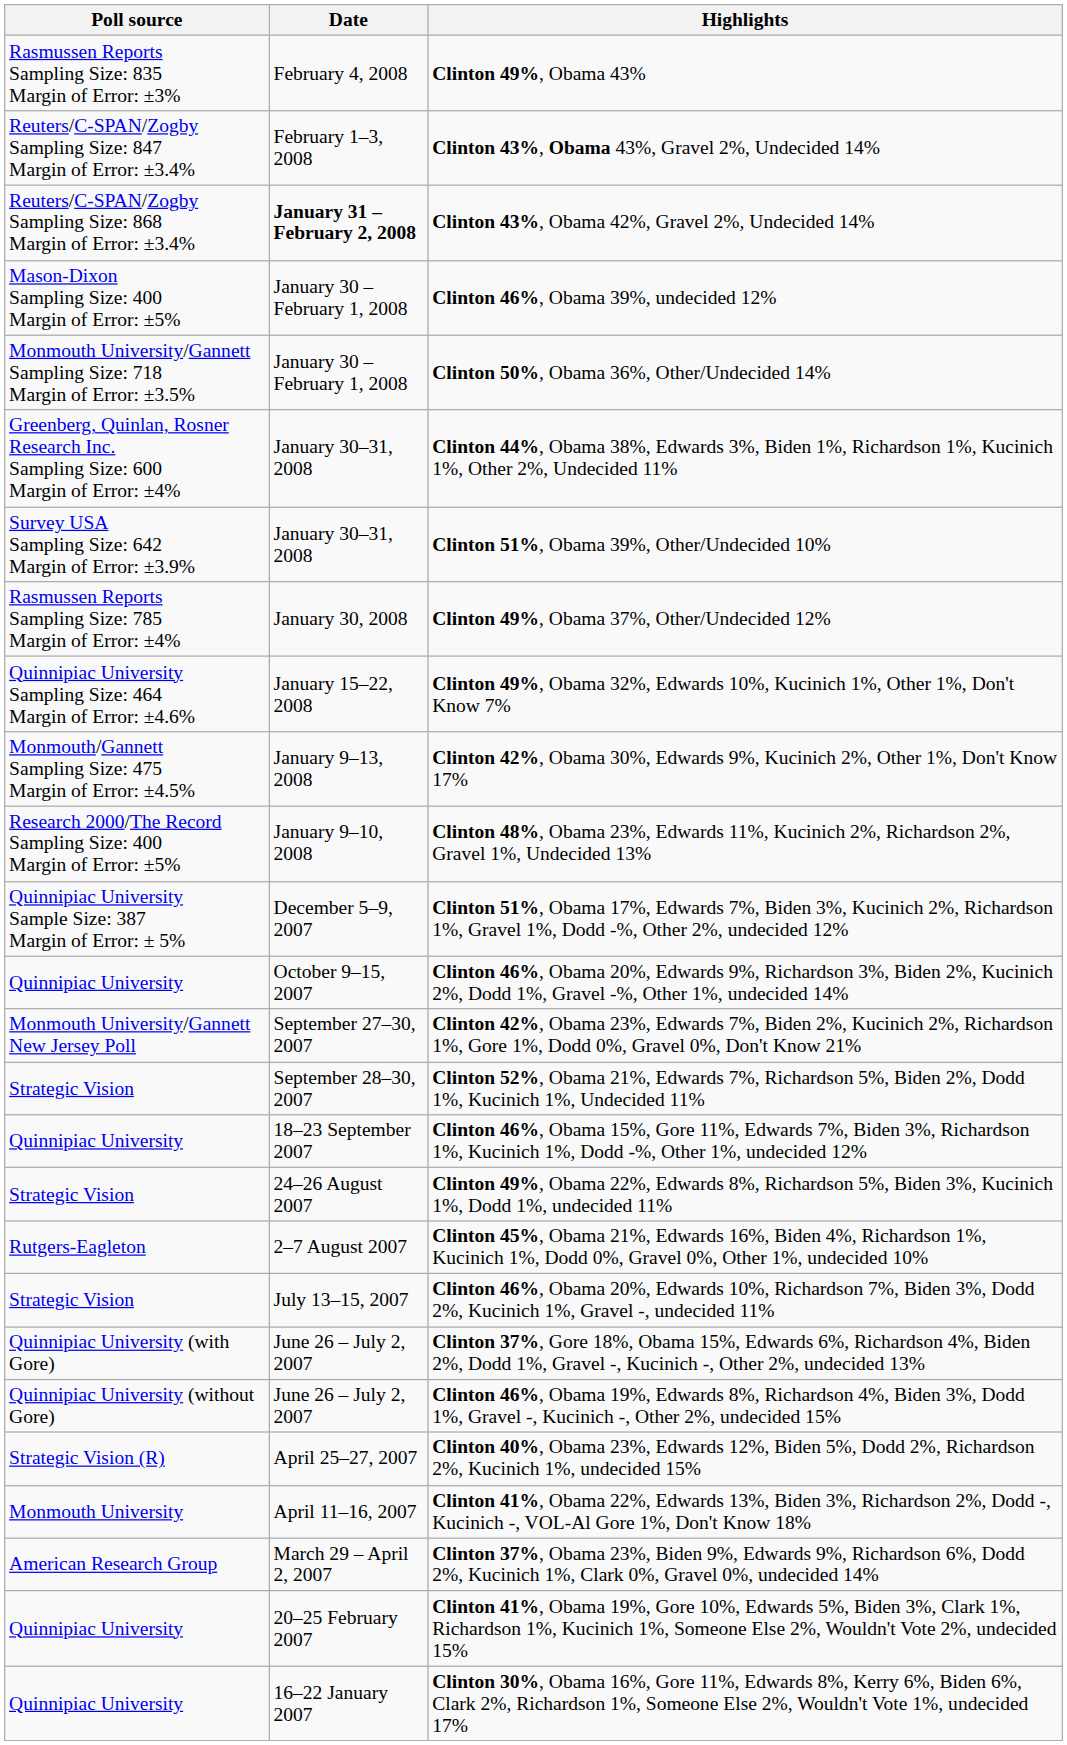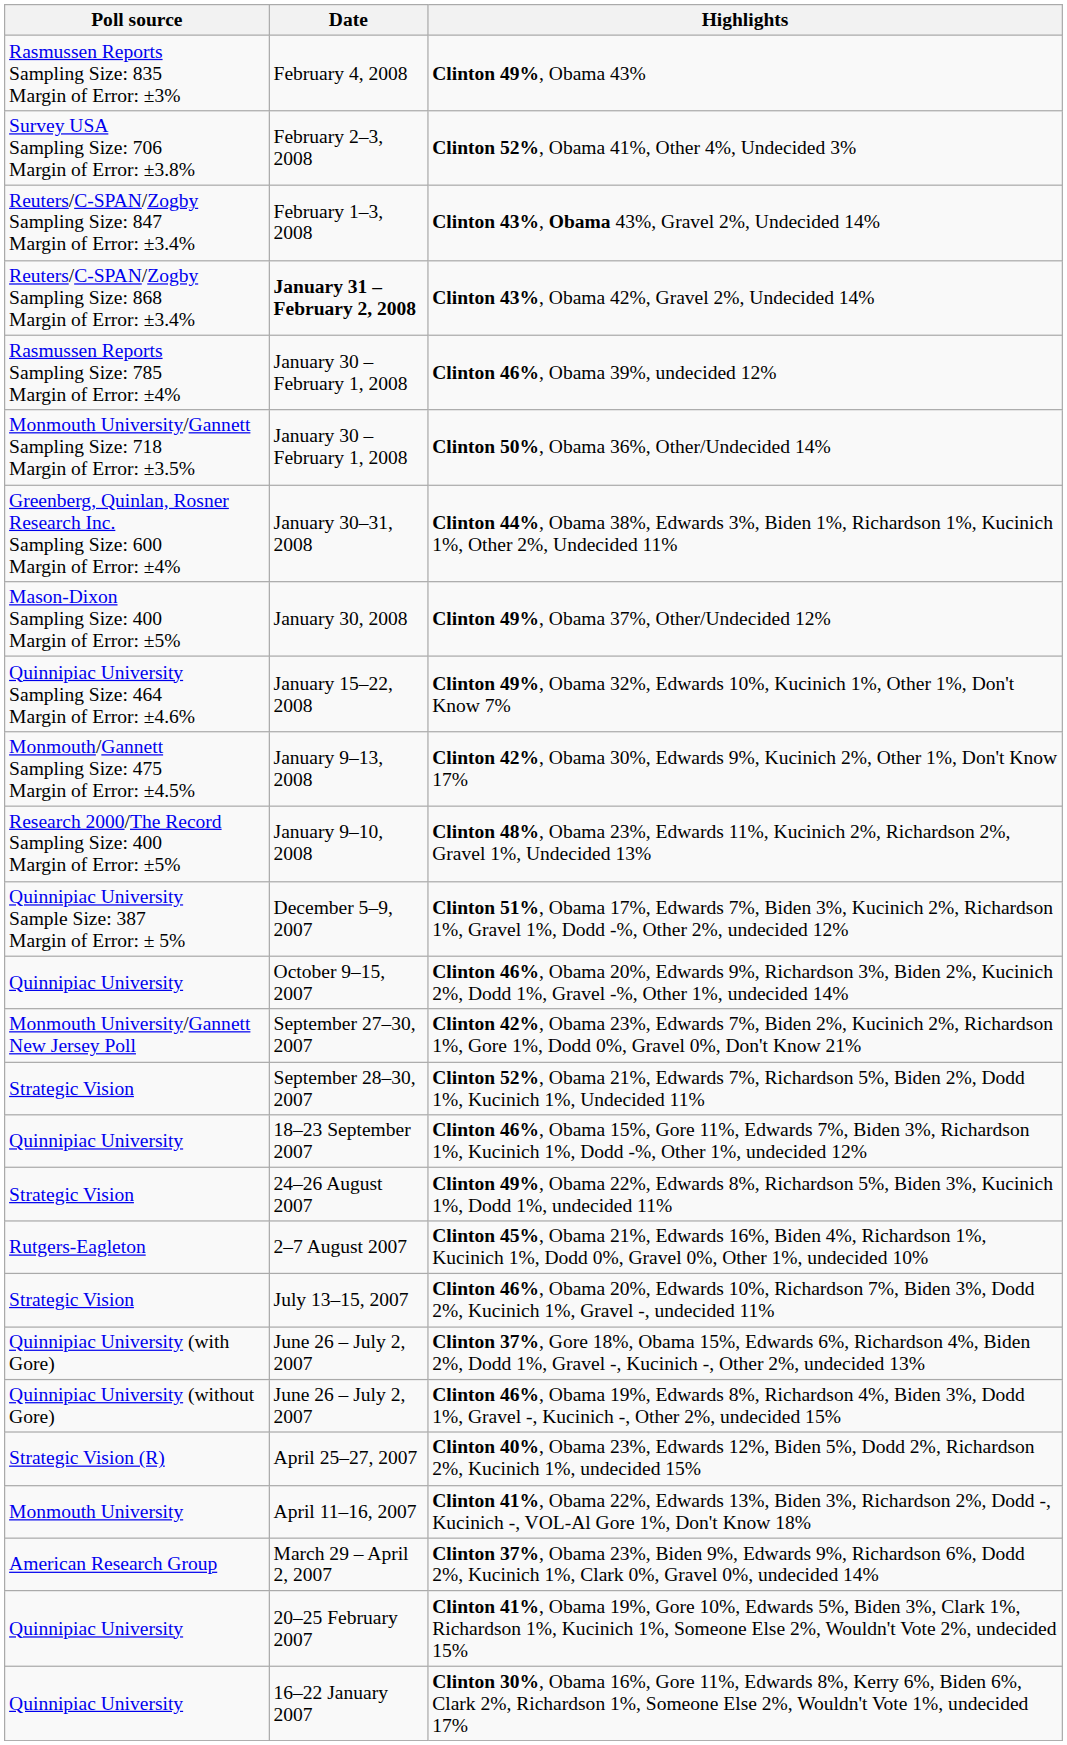 <table class="wikitable sortable">
 <tr>
 <th width="25%">Poll source</th>
 <th width="15%">Date</th>
 <th width="60%">Highlights</th>
 </tr>
 <tr>
 <td><a href='#'>Rasmussen Reports</a><br>Sampling Size: 835<br> Margin of Error: ±3%</td>
 <td>February 4, 2008</td>
 <td><strong>Clinton 49%</strong>, Obama 43%</td>
 </tr>
 <tr>
+<td><a href='#'>Survey USA</a><br>Sampling Size: 706<br> Margin of Error: ±3.8%</td>
+<td>February 2–3, 2008</td>
+<td><strong>Clinton 52%</strong>, Obama 41%, Other 4%, Undecided 3%</td>
+</tr>
+<tr>
 <td><a href='#'>Reuters</a>/<a href='#'>C-SPAN</a>/<a href='#'>Zogby</a><br>Sampling Size: 847<br> Margin of Error: ±3.4%</td>
 <td>February 1–3, 2008</td>
 <td><strong>Clinton 43%</strong>, <strong>Obama</strong> 43%, Gravel 2%, Undecided 14%</td>
 </tr>
 <tr>
 <td><a href='#'>Reuters</a>/<a href='#'>C-SPAN</a>/<a href='#'>Zogby</a><br>Sampling Size: 868<br> Margin of Error: ±3.4%</td>
 <td><strong>January 31 – February 2, 2008</strong></td>
 <td><strong>Clinton 43%</strong>, Obama 42%, Gravel 2%, Undecided 14%</td>
 </tr>
 <tr>
-<td><a href='#'>Mason-Dixon</a><br>Sampling Size: 400<br> Margin of Error: ±5%</td>
+<td><a href='#'>Rasmussen Reports</a><br>Sampling Size: 785<br> Margin of Error: ±4%</td>
 <td>January 30 – February 1, 2008</td>
 <td><strong>Clinton 46%</strong>, Obama 39%, undecided 12%</td>
 </tr>
 <tr>
 <td><a href='#'>Monmouth University</a>/<a href='#'>Gannett</a><br>Sampling Size: 718<br> Margin of Error: ±3.5%</td>
 <td>January 30 – February 1, 2008</td>
 <td><strong>Clinton 50%</strong>, Obama 36%, Other/Undecided 14%</td>
 </tr>
 <tr>
 <td><a href='#'>Greenberg, Quinlan, Rosner Research Inc.</a><br>Sampling Size: 600<br> Margin of Error: ±4%</td>
 <td>January 30–31, 2008</td>
 <td><strong>Clinton 44%</strong>, Obama 38%, Edwards 3%, Biden 1%, Richardson 1%, Kucinich 1%, Other 2%, Undecided 11%</td>
 </tr>
 <tr>
-<td><a href='#'>Survey USA</a><br>Sampling Size: 642<br> Margin of Error: ±3.9%</td>
-<td>January 30–31, 2008</td>
-<td><strong>Clinton 51%</strong>, Obama 39%, Other/Undecided 10%</td>
-</tr>
-<tr>
-<td><a href='#'>Rasmussen Reports</a><br>Sampling Size: 785<br> Margin of Error: ±4%</td>
+<td><a href='#'>Mason-Dixon</a><br>Sampling Size: 400<br> Margin of Error: ±5%</td>
 <td>January 30, 2008</td>
 <td><strong>Clinton 49%</strong>, Obama 37%, Other/Undecided 12%</td>
 </tr>
 <tr>
 <td><a href='#'>Quinnipiac University</a><br>Sampling Size: 464<br> Margin of Error: ±4.6%</td>
 <td>January 15–22, 2008</td>
 <td><strong>Clinton 49%</strong>, Obama 32%, Edwards 10%, Kucinich 1%, Other 1%, Don't Know 7%</td>
 </tr>
 <tr>
 <td><a href='#'>Monmouth</a>/<a href='#'>Gannett</a><br>Sampling Size: 475<br> Margin of Error: ±4.5%</td>
 <td>January 9–13, 2008</td>
 <td><strong>Clinton 42%</strong>, Obama 30%, Edwards 9%, Kucinich 2%, Other 1%, Don't Know 17%</td>
 </tr>
 <tr>
 <td><a href='#'>Research 2000</a>/<a href='#'>The Record</a><br>Sampling Size: 400<br> Margin of Error: ±5%</td>
 <td>January 9–10, 2008</td>
 <td><strong>Clinton 48%</strong>, Obama 23%, Edwards 11%, Kucinich 2%, Richardson 2%, Gravel 1%, Undecided 13%</td>
 </tr>
 <tr>
 <td><a href='#'>Quinnipiac University</a><br>Sample Size: 387<br> Margin of Error: ± 5%</td>
 <td>December 5–9, 2007</td>
 <td><strong>Clinton 51%</strong>, Obama 17%, Edwards 7%, Biden 3%, Kucinich 2%, Richardson 1%, Gravel 1%, Dodd -%, Other 2%, undecided 12%</td>
 </tr>
 <tr>
 <td><a href='#'>Quinnipiac University</a></td>
 <td>October 9–15, 2007</td>
 <td><strong>Clinton 46%</strong>, Obama 20%, Edwards 9%, Richardson 3%, Biden 2%, Kucinich 2%, Dodd 1%, Gravel -%, Other 1%, undecided 14%</td>
 </tr>
 <tr>
 <td><a href='#'>Monmouth University</a>/<a href='#'>Gannett New Jersey Poll</a></td>
 <td>September 27–30, 2007</td>
 <td><strong>Clinton 42%</strong>, Obama 23%, Edwards 7%, Biden 2%, Kucinich 2%, Richardson 1%, Gore 1%, Dodd 0%, Gravel 0%, Don't Know 21%</td>
 </tr>
 <tr>
 <td><a href='#'>Strategic Vision</a></td>
 <td>September 28–30, 2007</td>
 <td><strong>Clinton 52%</strong>, Obama 21%, Edwards 7%, Richardson 5%, Biden 2%, Dodd 1%, Kucinich 1%, Undecided 11%</td>
 </tr>
 <tr>
 <td><a href='#'>Quinnipiac University</a></td>
 <td>18–23 September 2007</td>
 <td><strong>Clinton 46%</strong>, Obama 15%, Gore 11%, Edwards 7%, Biden 3%, Richardson 1%, Kucinich 1%, Dodd -%, Other 1%, undecided 12%</td>
 </tr>
 <tr>
 <td><a href='#'>Strategic Vision</a></td>
 <td>24–26 August 2007</td>
 <td><strong>Clinton 49%</strong>, Obama 22%, Edwards 8%, Richardson 5%, Biden 3%, Kucinich 1%, Dodd 1%, undecided 11%</td>
 </tr>
 <tr>
 <td><a href='#'>Rutgers-Eagleton</a></td>
 <td>2–7 August 2007</td>
 <td><strong>Clinton 45%</strong>, Obama 21%, Edwards 16%, Biden 4%, Richardson 1%, Kucinich 1%, Dodd 0%, Gravel 0%, Other 1%, undecided 10%</td>
 </tr>
 <tr>
 <td><a href='#'>Strategic Vision</a></td>
 <td>July 13–15, 2007</td>
 <td><strong>Clinton 46%</strong>, Obama 20%, Edwards 10%, Richardson 7%, Biden 3%, Dodd 2%, Kucinich 1%, Gravel -, undecided 11%</td>
 </tr>
 <tr>
 <td><a href='#'>Quinnipiac University</a> (with Gore)</td>
 <td>June 26 – July 2, 2007</td>
 <td><strong>Clinton 37%</strong>, Gore 18%, Obama 15%, Edwards 6%, Richardson 4%, Biden 2%, Dodd 1%, Gravel -, Kucinich -, Other 2%, undecided 13%</td>
 </tr>
 <tr>
 <td><a href='#'>Quinnipiac University</a> (without Gore)</td>
 <td>June 26 – July 2, 2007</td>
 <td><strong>Clinton 46%</strong>, Obama 19%, Edwards 8%, Richardson 4%, Biden 3%, Dodd 1%, Gravel -, Kucinich -, Other 2%, undecided 15%</td>
 </tr>
 <tr>
 <td><a href='#'>Strategic Vision (R)</a></td>
 <td>April 25–27, 2007</td>
 <td><strong>Clinton 40%</strong>, Obama 23%, Edwards 12%, Biden 5%, Dodd 2%, Richardson 2%, Kucinich 1%, undecided 15%</td>
 </tr>
 <tr>
 <td><a href='#'>Monmouth University</a></td>
 <td>April 11–16, 2007</td>
 <td><strong>Clinton 41%</strong>, Obama 22%, Edwards 13%, Biden 3%, Richardson 2%, Dodd -, Kucinich -, VOL-Al Gore 1%, Don't Know 18%</td>
 </tr>
 <tr>
 <td><a href='#'>American Research Group</a></td>
 <td>March 29 – April 2, 2007</td>
 <td><strong>Clinton 37%</strong>, Obama 23%, Biden 9%, Edwards 9%, Richardson 6%, Dodd 2%, Kucinich 1%, Clark 0%, Gravel 0%, undecided 14%</td>
 </tr>
 <tr>
 <td><a href='#'>Quinnipiac University</a></td>
 <td>20–25 February 2007</td>
 <td><strong>Clinton 41%</strong>, Obama 19%, Gore 10%, Edwards 5%, Biden 3%, Clark 1%, Richardson 1%, Kucinich 1%, Someone Else 2%, Wouldn't Vote 2%, undecided 15%</td>
 </tr>
 <tr>
 <td><a href='#'>Quinnipiac University</a></td>
 <td>16–22 January 2007</td>
 <td><strong>Clinton 30%</strong>, Obama 16%, Gore 11%, Edwards 8%, Kerry 6%, Biden 6%, Clark 2%, Richardson 1%, Someone Else 2%, Wouldn't Vote 1%, undecided 17%</td>
 </tr>
 </table>
